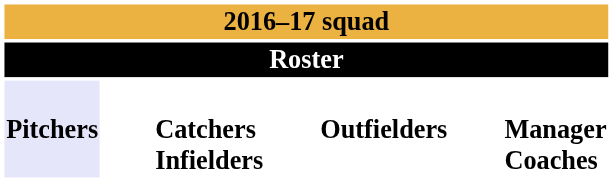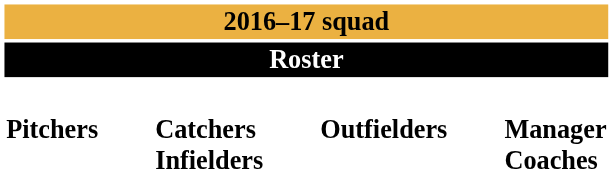 <table class="toccolours" style="font-size:95%;">
 <tr>
 <th colspan="8" style="background-color:#ebb141; color:#000000; text-align:center;">2016–17 squad</th>
 </tr>
 <tr>
 <td colspan="8" style="background-color:black; color:#FFFFFF; text-align:center;"><strong>Roster</strong></td>
 </tr>
 <tr>
-<td valign="top" style="background: lavender;"><br><strong>Pitchers</strong>                  </td>
+<td valign="top"><br><strong>Pitchers</strong>                  </td>
 <td width="25px"></td>
 <td valign="top"><br><strong>Catchers</strong>    <br><strong>Infielders</strong>        </td>
 <td width="25px"></td>
 <td valign="top"><br><strong>Outfielders</strong>     </td>
 <td width="25px"></td>
 <td valign="top"><br><strong>Manager</strong> <br><strong>Coaches</strong>          </td>
 </tr>
 </table>
